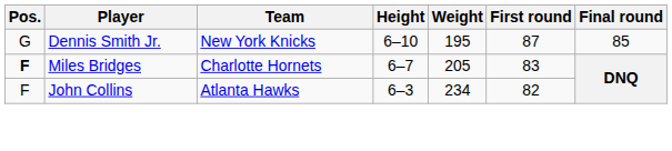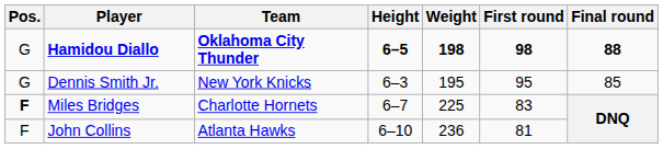 <table class="wikitable">
 <tr>
 <th>Pos.</th>
 <th style="width:150px;">Player</th>
 <th width=175>Team</th>
 <th>Height</th>
 <th>Weight</th>
 <th>First round</th>
 <th>Final round</th>
 </tr>
 <tr>
 <td style="text-align:center">G</td>
+<td><strong><a href='#'>Hamidou Diallo</a></strong></td>
+<td><strong><a href='#'>Oklahoma City Thunder</a></strong></td>
+<td align=center><strong>6–5</strong></td>
+<td align=center><strong>198</strong></td>
+<td align=center><strong>98</strong> </td>
+<td style="text-align:center;"><strong>88</strong> </td>
+</tr>
+<tr>
+<td style="text-align:center">G</td>
 <td><a href='#'>Dennis Smith Jr.</a></td>
 <td><a href='#'>New York Knicks</a></td>
-<td align=center>6–10</td>
+<td align=center>6–3</td>
 <td align=center>195</td>
-<td align=center>87 </td>
+<td align=center>95 </td>
 <td style="text-align:center">85 </td>
 </tr>
 <tr>
 <td style="text-align:center"><strong>F</strong></td>
 <td><a href='#'>Miles Bridges</a></td>
 <td><a href='#'>Charlotte Hornets</a></td>
 <td align=center>6–7</td>
-<td align=center>205</td>
+<td align=center>225</td>
 <td align=center>83 </td>
 <th rowspan="2" style="text-align:center;">DNQ</th>
 </tr>
 <tr>
 <td style="text-align:center">F</td>
 <td><a href='#'>John Collins</a></td>
 <td><a href='#'>Atlanta Hawks</a></td>
-<td align=center>6–3</td>
-<td align=center>234</td>
-<td align=center>82 </td>
+<td align=center>6–10</td>
+<td align=center>236</td>
+<td align=center>81 </td>
 </tr>
 </table>
